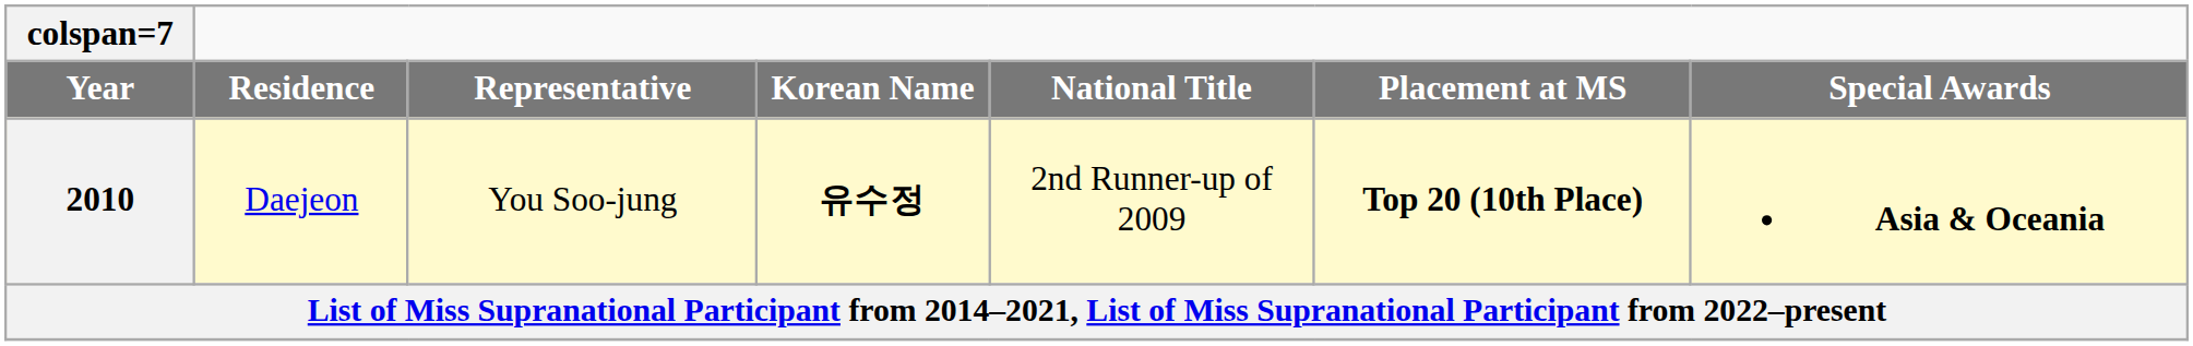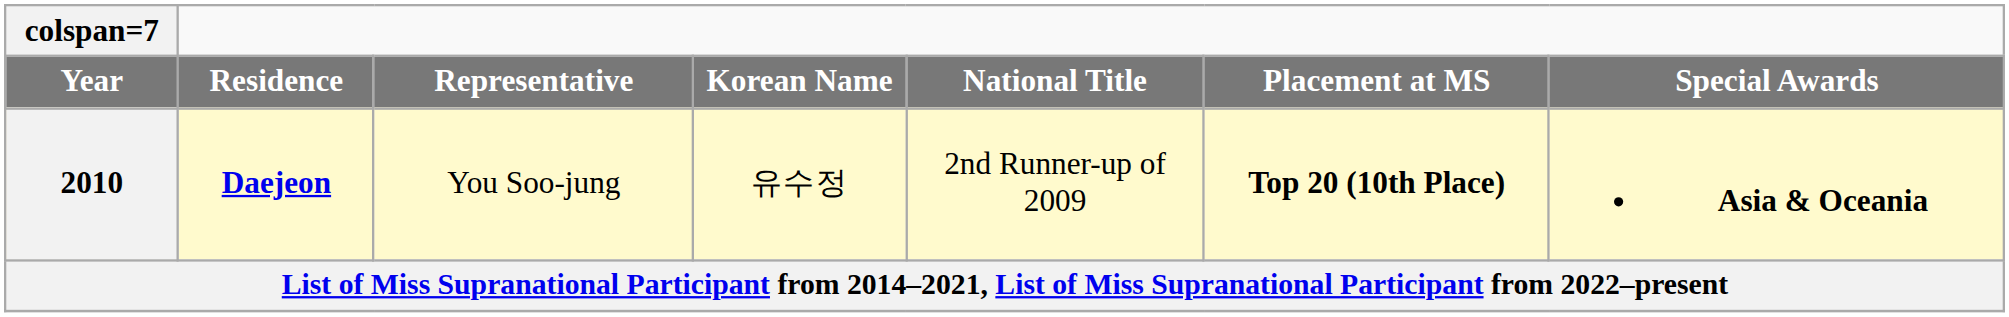 <table class="wikitable sortable" style="font-size: 85%; text-align:center">
 <tr>
 <th>colspan=7 </th>
 </tr>
 <tr>
 <th width="80" style="background-color:#787878;color:#FFFFFF;">Year</th>
 <th width="100" style="background-color:#787878;color:#FFFFFF;">Residence</th>
 <th width="180" style="background-color:#787878;color:#FFFFFF;">Representative</th>
 <th width="130" style="background-color:#787878;color:#FFFFFF;">Korean Name</th>
 <th width="200" style="background-color:#787878;color:#FFFFFF;">National Title</th>
 <th width="230" style="background-color:#787878;color:#FFFFFF;">Placement at MS</th>
 <th width="300" style="background-color:#787878;color:#FFFFFF;">Special Awards</th>
 </tr>
 <tr style="background-color:#FFFACD; ">
 <th>2010</th>
-<td><a href='#'>Daejeon</a></td>
+<td><strong><a href='#'>Daejeon</a></strong></td>
 <td>You Soo-jung</td>
-<td><strong>유수정</strong></td>
+<td>유수정</td>
 <td>2nd Runner-up of 2009</td>
 <td><strong>Top 20 (10th Place)</strong></td>
 <td><br><ul><li><strong>Asia & Oceania</strong></li></ul></td>
 </tr>
 <tr>
 <th colspan="8" style="font-size:95%;"><a href='#'>List of Miss Supranational Participant</a> from 2014–2021, <a href='#'>List of Miss Supranational Participant</a> from 2022–present</th>
 </tr>
 <tr>
 </tr>
 </table>
